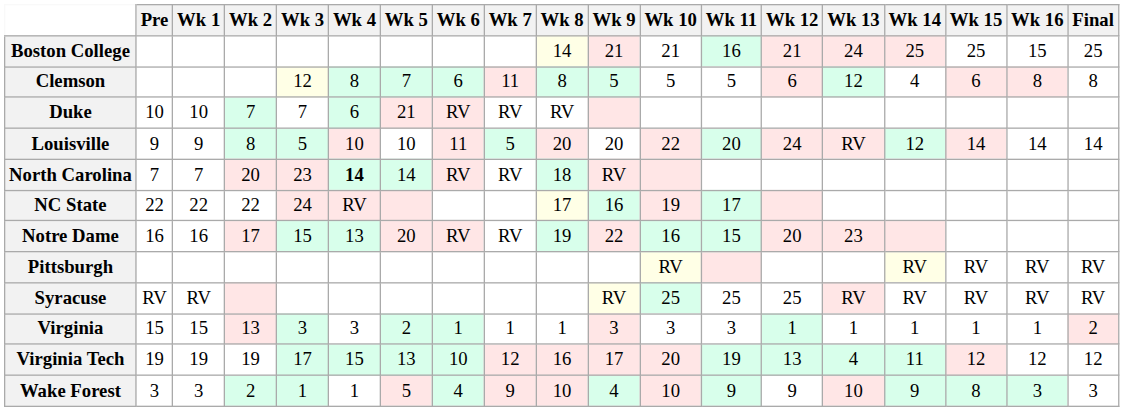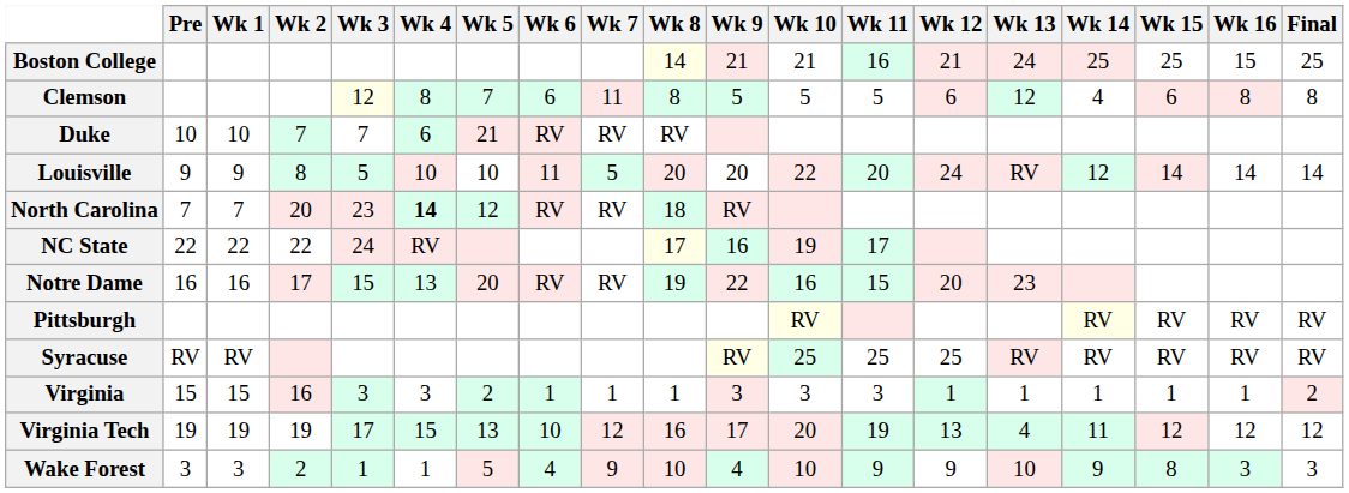 <table class="wikitable" style="white-space:nowrap;font-size:90%;">
 <tr>
 <th colspan=1 style="background:white; border-top-style:hidden; border-left-style:hidden;"> </th>
 <th>Pre <br></th>
 <th>Wk 1 <br></th>
 <th>Wk 2 <br></th>
 <th>Wk 3 <br></th>
 <th>Wk 4 <br></th>
 <th>Wk 5 <br></th>
 <th>Wk 6 <br></th>
 <th>Wk 7 <br></th>
 <th>Wk 8 <br></th>
 <th>Wk 9 <br></th>
 <th>Wk 10 <br></th>
 <th>Wk 11 <br></th>
 <th>Wk 12 <br></th>
 <th>Wk 13 <br></th>
 <th>Wk 14 <br></th>
 <th>Wk 15 <br></th>
 <th>Wk 16 <br></th>
 <th>Final <br></th>
 </tr>
 <tr style="text-align:center;">
 <th>Boston College</th>
 <td style="background:#FFF;"></td>
 <td style="background:#FFF;"></td>
 <td style="background:#FFF;"></td>
 <td style="background:#FFF;"></td>
 <td style="background:#FFF;"></td>
 <td style="background:#FFF;"></td>
 <td style="background:#FFF;"></td>
 <td style="background:#FFF;"></td>
 <td style="background:#FFFFE6;"> 14</td>
 <td style="background:#FFE6E6;"> 21</td>
 <td style="background:#FFF;"> 21</td>
 <td style="background:#D8FFEB;"> 16</td>
 <td style="background:#FFE6E6;"> 21</td>
 <td style="background:#FFE6E6;"> 24</td>
 <td style="background:#FFE6E6;"> 25</td>
 <td style="background:#FFF;"> 25</td>
 <td style="background:#FFF;"> 15</td>
 <td style="background:#FFF;"> 25</td>
 </tr>
 <tr style="text-align:center;">
 <th>Clemson</th>
 <td style="background:#FFF;"></td>
 <td style="background:#FFF;"></td>
 <td style="background:#FFF;"></td>
 <td style="background:#FFFFE6;"> 12</td>
 <td style="background:#D8FFEB;"> 8</td>
 <td style="background:#D8FFEB;"> 7</td>
 <td style="background:#D8FFEB;"> 6</td>
 <td style="background:#FFE6E6;"> 11</td>
 <td style="background:#D8FFEB;"> 8</td>
 <td style="background:#D8FFEB;"> 5</td>
 <td style="background:#FFF;"> 5</td>
 <td style="background:#FFF;"> 5</td>
 <td style="background:#FFE6E6;"> 6</td>
 <td style="background:#D8FFEB;"> 12</td>
 <td style="background:#FFF;"> 4</td>
 <td style="background:#FFE6E6;"> 6</td>
 <td style="background:#FFE6E6;"> 8</td>
 <td style="background:#FFF;"> 8</td>
 </tr>
 <tr style="text-align:center;">
 <th>Duke</th>
 <td style="background:#FFF;"> 10</td>
 <td style="background:#FFF;"> 10</td>
 <td style="background:#D8FFEB;"> 7</td>
 <td style="background:#FFF;"> 7</td>
 <td style="background:#D8FFEB;"> 6</td>
 <td style="background:#FFE6E6;"> 21</td>
 <td style="background:#FFE6E6;"> RV</td>
 <td style="background:#FFF;"> RV</td>
 <td style="background:#FFF;"> RV</td>
 <td style="background:#FFE6E6;"></td>
 <td style="background:#FFF;"></td>
 <td style="background:#FFF;"></td>
 <td style="background:#FFF;"></td>
 <td style="background:#FFF;"></td>
 <td style="background:#FFF;"></td>
 <td style="background:#FFF;"></td>
 <td style="background:#FFF;"></td>
 <td style="background:#FFF;"></td>
 </tr>
 <tr style="text-align:center;">
 <th>Louisville</th>
 <td style="background:#FFF;"> 9</td>
 <td style="background:#FFF;"> 9</td>
 <td style="background:#D8FFEB;"> 8</td>
 <td style="background:#D8FFEB;"> 5</td>
 <td style="background:#FFE6E6;"> 10</td>
 <td style="background:#FFF;"> 10</td>
 <td style="background:#FFE6E6;"> 11</td>
 <td style="background:#D8FFEB;"> 5</td>
 <td style="background:#FFE6E6;"> 20</td>
 <td style="background:#FFF;"> 20</td>
 <td style="background:#FFE6E6;"> 22</td>
 <td style="background:#D8FFEB;"> 20</td>
 <td style="background:#FFE6E6;"> 24</td>
 <td style="background:#FFE6E6;"> RV</td>
 <td style="background:#D8FFEB;"> 12</td>
 <td style="background:#FFE6E6;"> 14</td>
 <td style="background:#FFF;"> 14</td>
 <td style="background:#FFF;"> 14</td>
 </tr>
 <tr style="text-align:center;">
 <th>North Carolina</th>
 <td style="background:#FFF;"> 7</td>
 <td style="background:#FFF;"> 7</td>
 <td style="background:#FFE6E6;"> 20</td>
 <td style="background:#FFE6E6;"> 23</td>
 <td style="background:#D8FFEB;"><strong> 14</strong></td>
-<td style="background:#D8FFEB;"> 14</td>
+<td style="background:#D8FFEB;"> 12</td>
 <td style="background:#FFE6E6;"> RV</td>
 <td style="background:#FFF;"> RV</td>
 <td style="background:#D8FFEB;"> 18</td>
 <td style="background:#FFE6E6;"> RV</td>
 <td style="background:#FFE6E6;"></td>
 <td style="background:#FFF;"></td>
 <td style="background:#FFF;"></td>
 <td style="background:#FFF;"></td>
 <td style="background:#FFF;"></td>
 <td style="background:#FFF;"></td>
 <td style="background:#FFF;"></td>
 <td style="background:#FFF;"></td>
 </tr>
 <tr style="text-align:center;">
 <th>NC State</th>
 <td style="background:#FFF;"> 22</td>
 <td style="background:#FFF;"> 22</td>
 <td style="background:#FFF;"> 22</td>
 <td style="background:#FFE6E6;"> 24</td>
 <td style="background:#FFE6E6;"> RV</td>
 <td style="background:#FFE6E6;"></td>
 <td style="background:#FFF;"></td>
 <td style="background:#FFF;"></td>
 <td style="background:#FFFFE6;"> 17</td>
 <td style="background:#D8FFEB;"> 16</td>
 <td style="background:#FFE6E6;"> 19</td>
 <td style="background:#D8FFEB;"> 17</td>
 <td style="background:#FFE6E6;"></td>
 <td style="background:#FFF;"></td>
 <td style="background:#FFF;"></td>
 <td style="background:#FFF;"></td>
 <td style="background:#FFF;"></td>
 <td style="background:#FFF;"></td>
 </tr>
 <tr style="text-align:center;">
 <th>Notre Dame</th>
 <td style="background:#FFF;"> 16</td>
 <td style="background:#FFF;"> 16</td>
 <td style="background:#FFE6E6;"> 17</td>
 <td style="background:#D8FFEB;"> 15</td>
 <td style="background:#D8FFEB;"> 13</td>
 <td style="background:#FFE6E6;"> 20</td>
 <td style="background:#FFE6E6;"> RV</td>
 <td style="background:#FFF;"> RV</td>
 <td style="background:#D8FFEB;"> 19</td>
 <td style="background:#FFE6E6;"> 22</td>
 <td style="background:#D8FFEB;"> 16</td>
 <td style="background:#D8FFEB;"> 15</td>
 <td style="background:#FFE6E6;"> 20</td>
 <td style="background:#FFE6E6;"> 23</td>
 <td style="background:#FFE6E6;"></td>
 <td style="background:#FFF;"></td>
 <td style="background:#FFF;"></td>
 <td style="background:#FFF;"></td>
 </tr>
 <tr style="text-align:center;">
 <th>Pittsburgh</th>
 <td style="background:#FFF;"></td>
 <td style="background:#FFF;"></td>
 <td style="background:#FFF;"></td>
 <td style="background:#FFF;"></td>
 <td style="background:#FFF;"></td>
 <td style="background:#FFF;"></td>
 <td style="background:#FFF;"></td>
 <td style="background:#FFF;"></td>
 <td style="background:#FFF;"></td>
 <td style="background:#FFF;"></td>
 <td style="background:#FFFFE6;"> RV</td>
 <td style="background:#FFE6E6;"></td>
 <td style="background:#FFF;"></td>
 <td style="background:#FFF;"></td>
 <td style="background:#FFFFE6;"> RV</td>
 <td style="background:#FFF;"> RV</td>
 <td style="background:#FFF;"> RV</td>
 <td style="background:#FFF;"> RV</td>
 </tr>
 <tr style="text-align:center;">
 <th>Syracuse</th>
 <td style="background:#FFF;"> RV</td>
 <td style="background:#FFF;"> RV</td>
 <td style="background:#FFE6E6;"></td>
 <td style="background:#FFF;"></td>
 <td style="background:#FFF;"></td>
 <td style="background:#FFF;"></td>
 <td style="background:#FFF;"></td>
 <td style="background:#FFF;"></td>
 <td style="background:#FFF;"></td>
 <td style="background:#FFFFE6;"> RV</td>
 <td style="background:#D8FFEB;"> 25</td>
 <td style="background:#FFF;"> 25</td>
 <td style="background:#FFF;"> 25</td>
 <td style="background:#FFE6E6;"> RV</td>
 <td style="background:#FFF;"> RV</td>
 <td style="background:#FFF;"> RV</td>
 <td style="background:#FFF;"> RV</td>
 <td style="background:#FFF;"> RV</td>
 </tr>
 <tr style="text-align:center;">
 <th>Virginia</th>
 <td style="background:#FFF;"> 15</td>
 <td style="background:#FFF;"> 15</td>
-<td style="background:#FFE6E6;"> 13</td>
+<td style="background:#FFE6E6;"> 16</td>
 <td style="background:#D8FFEB;"> 3</td>
 <td style="background:#FFF;"> 3</td>
 <td style="background:#D8FFEB;"> 2</td>
 <td style="background:#D8FFEB;"> 1</td>
 <td style="background:#FFF;"> 1</td>
 <td style="background:#FFF;"> 1</td>
 <td style="background:#FFE6E6;"> 3</td>
 <td style="background:#FFF;"> 3</td>
 <td style="background:#FFF;"> 3</td>
 <td style="background:#D8FFEB;"> 1</td>
 <td style="background:#FFF;"> 1</td>
 <td style="background:#FFF;"> 1</td>
 <td style="background:#FFF;"> 1</td>
 <td style="background:#FFF;"> 1</td>
 <td style="background:#FFE6E6;"> 2</td>
 </tr>
 <tr style="text-align:center;">
 <th>Virginia Tech</th>
 <td style="background:#FFF;"> 19</td>
 <td style="background:#FFF;"> 19</td>
 <td style="background:#FFF;"> 19</td>
 <td style="background:#D8FFEB;"> 17</td>
 <td style="background:#D8FFEB;"> 15</td>
 <td style="background:#D8FFEB;"> 13</td>
 <td style="background:#D8FFEB;"> 10</td>
 <td style="background:#FFE6E6;"> 12</td>
 <td style="background:#FFE6E6;"> 16</td>
 <td style="background:#FFE6E6;"> 17</td>
 <td style="background:#FFE6E6;"> 20</td>
 <td style="background:#D8FFEB;"> 19</td>
 <td style="background:#D8FFEB;"> 13</td>
 <td style="background:#D8FFEB;"> 4</td>
 <td style="background:#D8FFEB;"> 11</td>
 <td style="background:#FFE6E6;"> 12</td>
 <td style="background:#FFF;"> 12</td>
 <td style="background:#FFF;"> 12</td>
 </tr>
 <tr style="text-align:center;">
 <th>Wake Forest</th>
 <td style="background:#FFF;"> 3</td>
 <td style="background:#FFF;"> 3</td>
 <td style="background:#D8FFEB;"> 2</td>
 <td style="background:#D8FFEB;"> 1</td>
 <td style="background:#FFF;"> 1</td>
 <td style="background:#FFE6E6;"> 5</td>
 <td style="background:#D8FFEB;"> 4</td>
 <td style="background:#FFE6E6;"> 9</td>
 <td style="background:#FFE6E6;"> 10</td>
 <td style="background:#D8FFEB;"> 4</td>
 <td style="background:#FFE6E6;"> 10</td>
 <td style="background:#D8FFEB;"> 9</td>
 <td style="background:#FFF;"> 9</td>
 <td style="background:#FFE6E6;"> 10</td>
 <td style="background:#D8FFEB;"> 9</td>
 <td style="background:#D8FFEB;"> 8</td>
 <td style="background:#D8FFEB;"> 3</td>
 <td style="background:#FFF;"> 3</td>
 </tr>
 </table>
